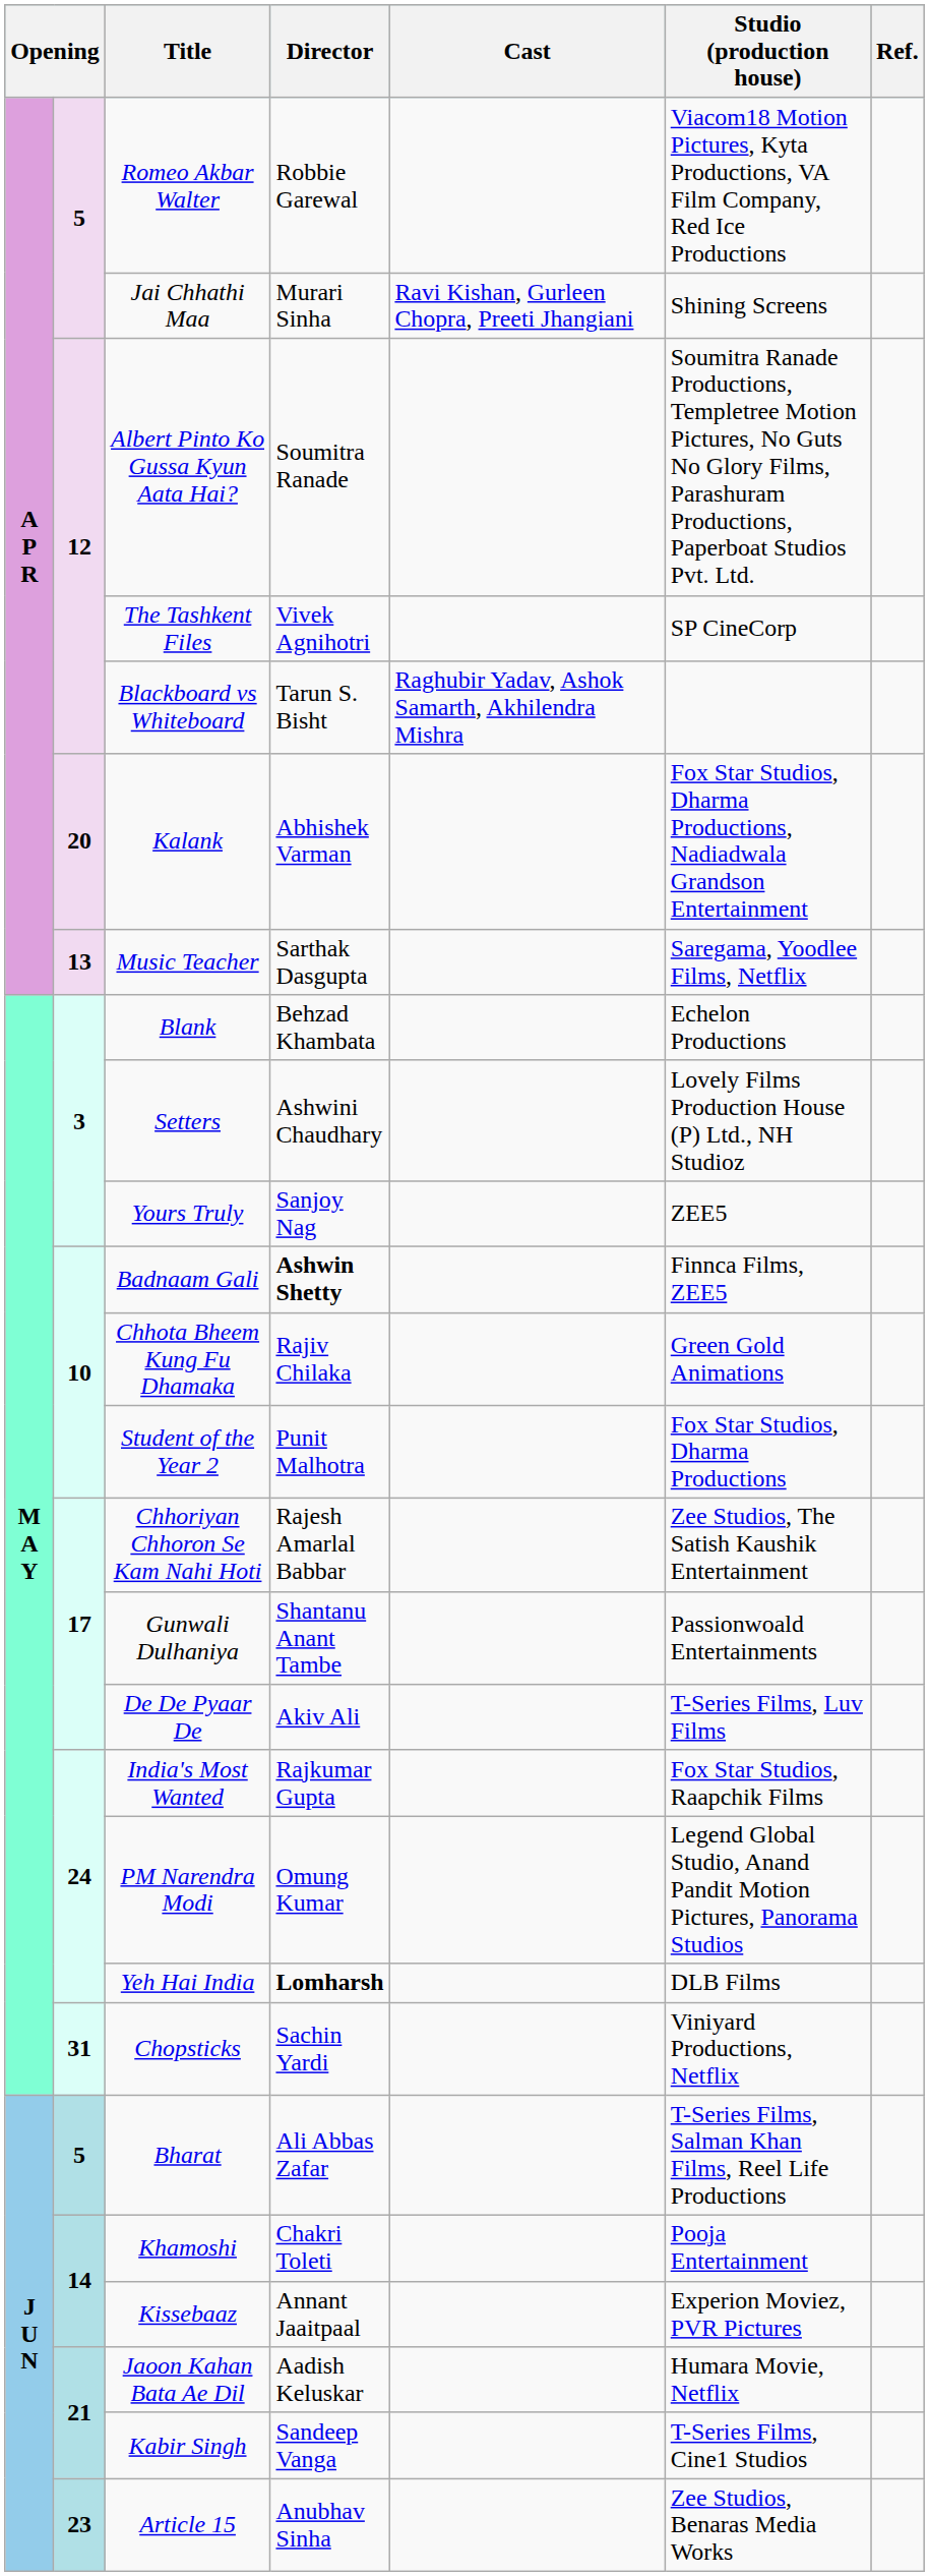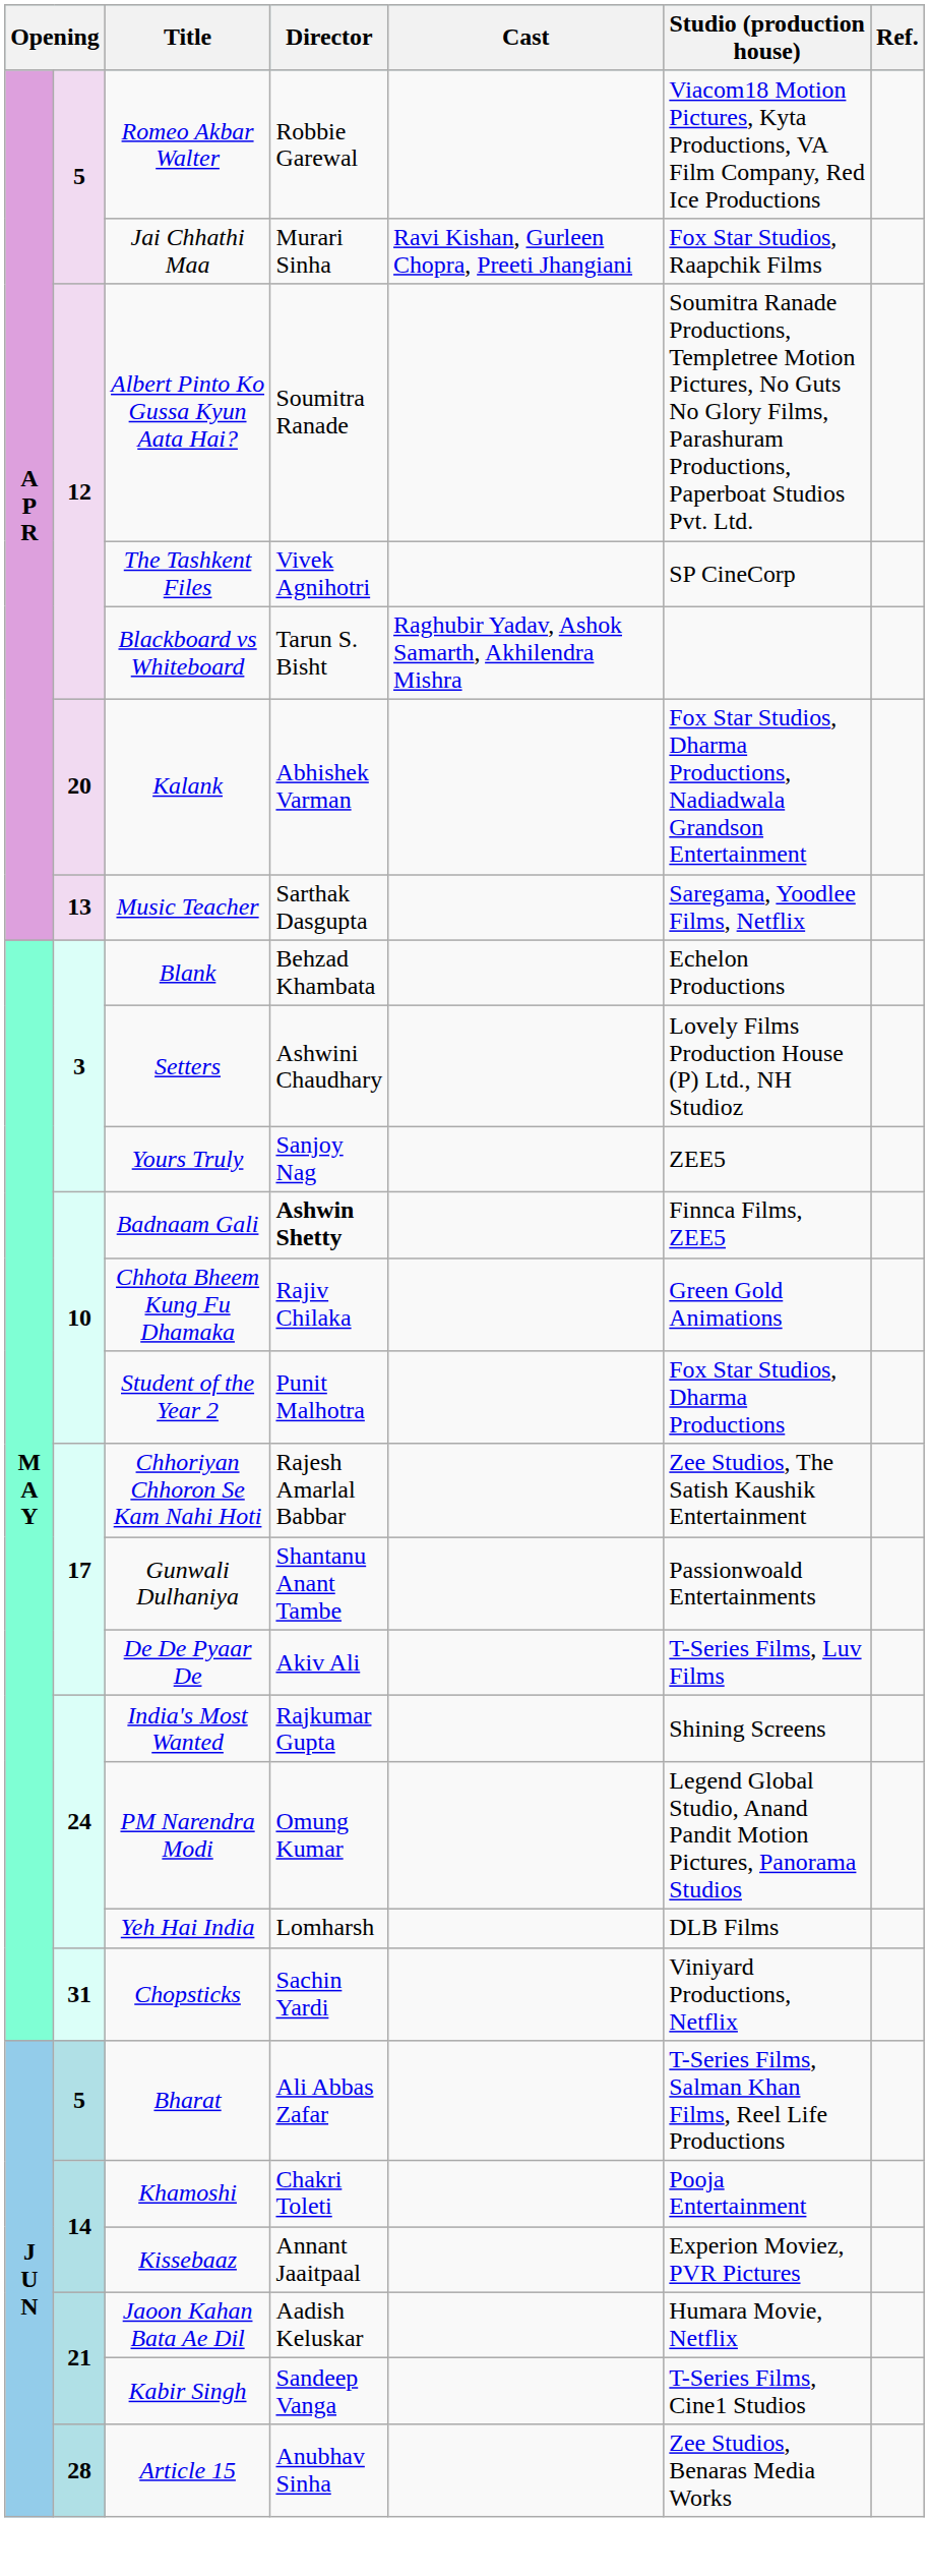 <table class="wikitable">
 <tr style="background:#b0e0e6; text-align:center;">
 <th colspan="2" style="width:6%;"><strong>Opening</strong></th>
 <th style="width:18%;"><strong>Title</strong></th>
 <th style="width:10.5%;">Director</th>
 <th style="width:30%;"><strong>Cast</strong></th>
 <th>Studio (production house)</th>
 <th>Ref.</th>
 </tr>
 <tr April!>
 <td rowspan="7" style="text-align:center; background:plum;"><strong>A<br>P<br>R</strong></td>
 <td rowspan="2" style="text-align:center;background:#f1daf1;"><strong>5</strong></td>
 <td style="text-align:center;"><em><a href='#'>Romeo Akbar Walter</a></em></td>
 <td>Robbie Garewal</td>
 <td></td>
 <td><a href='#'>Viacom18 Motion Pictures</a>, Kyta Productions, VA Film Company, Red Ice Productions</td>
 <td></td>
 </tr>
 <tr>
 <td style="text-align:center;"><em>Jai Chhathi Maa</em></td>
 <td>Murari Sinha</td>
 <td><a href='#'>Ravi Kishan</a>, <a href='#'>Gurleen Chopra</a>, <a href='#'>Preeti Jhangiani</a></td>
-<td>Shining Screens</td>
+<td><a href='#'>Fox Star Studios</a>, Raapchik Films</td>
 <td></td>
 </tr>
 <tr>
 <td rowspan="3" style="text-align:center;background:#f1daf1;"><strong>12</strong></td>
 <td style="text-align:center;"><em><a href='#'>Albert Pinto Ko Gussa Kyun Aata Hai?</a></em></td>
 <td>Soumitra Ranade</td>
 <td></td>
 <td>Soumitra Ranade Productions, Templetree Motion Pictures, No Guts No Glory Films, Parashuram Productions, Paperboat Studios Pvt. Ltd.</td>
 <td></td>
 </tr>
 <tr>
 <td style="text-align:center;"><em><a href='#'>The Tashkent Files</a></em></td>
 <td><a href='#'>Vivek Agnihotri</a></td>
 <td></td>
 <td>SP CineCorp</td>
 <td></td>
 </tr>
 <tr>
 <td style="text-align:center;"><em><a href='#'>Blackboard vs Whiteboard</a></em></td>
 <td>Tarun S. Bisht</td>
 <td><a href='#'>Raghubir Yadav</a>, <a href='#'>Ashok Samarth</a>, <a href='#'>Akhilendra Mishra</a></td>
 <td></td>
 <td></td>
 </tr>
 <tr>
 <td style="text-align:center; background:#f1daf1;"><strong>20</strong></td>
 <td style="text-align:center;"><em><a href='#'>Kalank</a></em></td>
 <td><a href='#'>Abhishek Varman</a></td>
 <td></td>
 <td><a href='#'>Fox Star Studios</a>, <a href='#'>Dharma Productions</a>, <a href='#'>Nadiadwala Grandson Entertainment</a></td>
 <td></td>
 </tr>
 <tr>
 <td style="text-align:center; background:#f1daf1;"><strong>13</strong></td>
 <td style="text-align:center;"><em><a href='#'>Music Teacher</a></em></td>
 <td>Sarthak Dasgupta</td>
 <td></td>
 <td><a href='#'>Saregama</a>, <a href='#'>Yoodlee Films</a>, <a href='#'>Netflix</a></td>
 <td></td>
 </tr>
 <tr>
 <td rowspan="13" style="text-align:center; background:#7FFFD4; textcolor:#000;"><strong>M<br>A<br>Y</strong></td>
 <td rowspan="3" style="text-align:center; background:#dbfff8;"><strong>3</strong></td>
 <td style="text-align:center;"><em><a href='#'>Blank</a></em></td>
 <td>Behzad Khambata</td>
 <td></td>
 <td>Echelon Productions</td>
 <td></td>
 </tr>
 <tr>
 <td style="text-align:center;"><em><a href='#'>Setters</a></em></td>
 <td>Ashwini Chaudhary</td>
 <td></td>
 <td>Lovely Films Production House (P) Ltd., NH Studioz</td>
 <td></td>
 </tr>
 <tr>
 <td style="text-align:center;"><em><a href='#'>Yours Truly</a></em></td>
 <td><a href='#'>Sanjoy Nag</a></td>
 <td></td>
 <td>ZEE5</td>
 <td></td>
 </tr>
 <tr>
 <td rowspan="3" style="text-align:center; background:#dbfff8;"><strong>10</strong></td>
 <td style="text-align:center;"><em><a href='#'>Badnaam Gali</a></em></td>
 <td><strong>Ashwin Shetty</strong></td>
 <td></td>
 <td>Finnca Films, <a href='#'>ZEE5</a></td>
 <td></td>
 </tr>
 <tr>
 <td style="text-align:center;"><em><a href='#'>Chhota Bheem Kung Fu Dhamaka</a></em></td>
 <td><a href='#'>Rajiv Chilaka</a></td>
 <td></td>
 <td><a href='#'>Green Gold Animations</a></td>
 <td></td>
 </tr>
 <tr>
 <td style="text-align:center;"><em><a href='#'>Student of the Year 2</a></em></td>
 <td><a href='#'>Punit Malhotra</a></td>
 <td></td>
 <td><a href='#'>Fox Star Studios</a>, <a href='#'>Dharma Productions</a></td>
 <td></td>
 </tr>
 <tr>
 <td rowspan="3" style="text-align:center; background:#dbfff8;"><strong>17</strong></td>
 <td style="text-align:center;"><em><a href='#'>Chhoriyan Chhoron Se Kam Nahi Hoti</a></em></td>
 <td>Rajesh Amarlal Babbar</td>
 <td></td>
 <td><a href='#'>Zee Studios</a>, The Satish Kaushik Entertainment</td>
 <td></td>
 </tr>
 <tr>
 <td style="text-align:center;"><em>Gunwali Dulhaniya</em></td>
 <td><a href='#'>Shantanu Anant Tambe</a></td>
 <td></td>
 <td>Passionwoald Entertainments</td>
 <td></td>
 </tr>
 <tr>
 <td style="text-align:center;"><em><a href='#'>De De Pyaar De</a></em></td>
 <td><a href='#'>Akiv Ali</a></td>
 <td></td>
 <td><a href='#'>T-Series Films</a>, <a href='#'>Luv Films</a></td>
 <td></td>
 </tr>
 <tr>
 <td rowspan="3" style="text-align:center;background:#dbfff8;"><strong>24</strong></td>
 <td style="text-align:center;"><em><a href='#'>India's Most Wanted</a></em></td>
 <td><a href='#'>Rajkumar Gupta</a></td>
 <td></td>
-<td><a href='#'>Fox Star Studios</a>, Raapchik Films</td>
+<td>Shining Screens</td>
 <td></td>
 </tr>
 <tr>
 <td style="text-align:center;"><em><a href='#'>PM Narendra Modi</a></em></td>
 <td><a href='#'>Omung Kumar</a></td>
 <td></td>
 <td>Legend Global Studio, Anand Pandit Motion Pictures, <a href='#'>Panorama Studios</a></td>
 <td></td>
 </tr>
 <tr>
 <td style="text-align:center;"><em><a href='#'>Yeh Hai India</a></em></td>
-<td><strong>Lomharsh</strong></td>
+<td>Lomharsh</td>
 <td></td>
 <td>DLB Films</td>
 <td></td>
 </tr>
 <tr>
 <td style="text-align:center; background:#dbfff8;"><strong>31</strong></td>
 <td style="text-align:center;"><em><a href='#'>Chopsticks</a></em></td>
 <td><a href='#'>Sachin Yardi</a></td>
 <td></td>
 <td>Viniyard Productions, <a href='#'>Netflix</a></td>
 <td></td>
 </tr>
 <tr>
 <td rowspan="9" style="text-align:center; background:#93CCEA; textcolor:#000;"><strong>J<br>U<br>N</strong></td>
 <td style="text-align:center; background:#b0e0e6;"><strong>5</strong></td>
 <td style="text-align:center;"><em><a href='#'>Bharat</a></em></td>
 <td><a href='#'>Ali Abbas Zafar</a></td>
 <td></td>
 <td><a href='#'>T-Series Films</a>, <a href='#'>Salman Khan Films</a>, Reel Life Productions</td>
 <td></td>
 </tr>
 <tr>
 <td rowspan="2" style="text-align:center;background:#B0E0E6;"><strong>14</strong></td>
 <td style="text-align:center;"><em><a href='#'>Khamoshi</a></em></td>
 <td><a href='#'>Chakri Toleti</a></td>
 <td></td>
 <td><a href='#'>Pooja Entertainment</a></td>
 <td></td>
 </tr>
 <tr>
 <td style="text-align:center;"><em><a href='#'>Kissebaaz</a></em></td>
 <td>Annant Jaaitpaal</td>
 <td></td>
 <td>Experion Moviez, <a href='#'>PVR Pictures</a></td>
 <td><br></td>
 </tr>
 <tr>
 <td rowspan="2" style="text-align:center; background:#b0e0e6;"><strong>21</strong></td>
 <td style="text-align:center;"><em><a href='#'>Jaoon Kahan Bata Ae Dil</a></em></td>
 <td>Aadish Keluskar</td>
 <td></td>
 <td>Humara Movie, <a href='#'>Netflix</a></td>
 <td></td>
 </tr>
 <tr>
 <td style="text-align:center;"><em><a href='#'>Kabir Singh</a></em></td>
 <td><a href='#'>Sandeep Vanga</a></td>
 <td></td>
 <td><a href='#'>T-Series Films</a>, Cine1 Studios</td>
 <td></td>
 </tr>
 <tr>
-<td style="text-align:center; background:#b0e0e6;"><strong>23</strong></td>
+<td style="text-align:center; background:#b0e0e6;"><strong>28</strong></td>
 <td style="text-align:center;"><em><a href='#'>Article 15</a></em></td>
 <td><a href='#'>Anubhav Sinha</a></td>
 <td></td>
 <td><a href='#'>Zee Studios</a>, Benaras Media Works</td>
 <td></td>
 </tr>
 </table>
